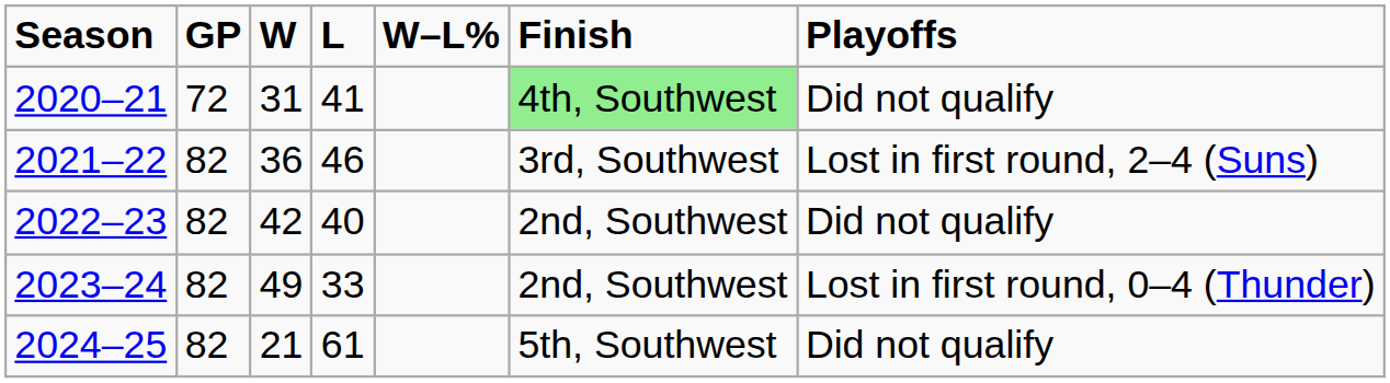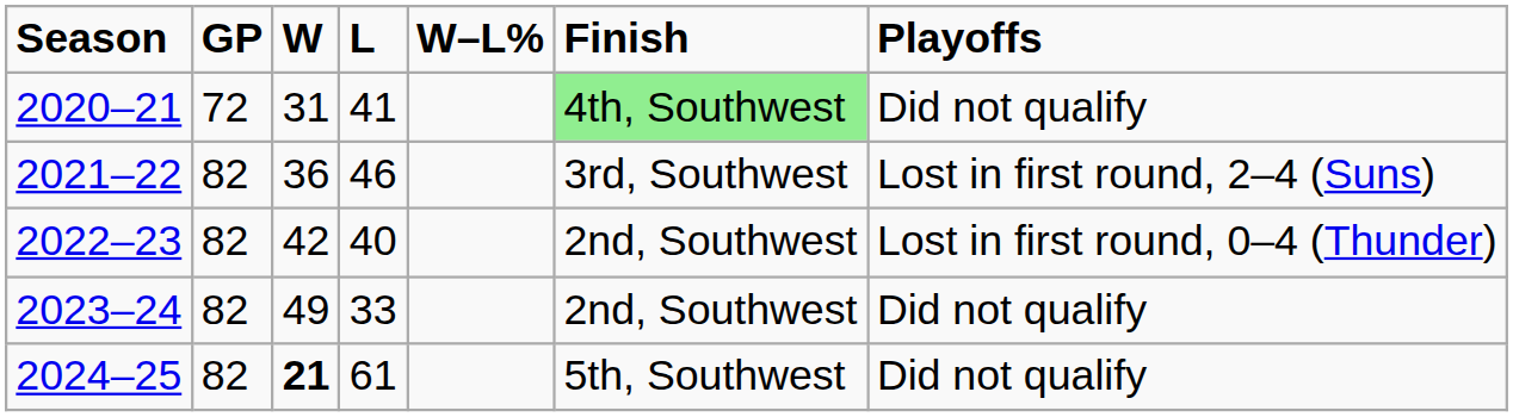 <table class="wikitable">
 <tr style="font-weight:bold; ">
 <td>Season</td>
 <td>GP</td>
 <td>W</td>
 <td>L</td>
 <td>W–L%</td>
 <td>Finish</td>
 <td>Playoffs</td>
 </tr>
 <tr>
 <td><a href='#'>2020–21</a></td>
 <td>72</td>
 <td>31</td>
 <td>41</td>
 <td></td>
 <td style="background: lightgreen;">4th, Southwest</td>
 <td>Did not qualify</td>
 </tr>
 <tr>
 <td><a href='#'>2021–22</a></td>
 <td>82</td>
 <td>36</td>
 <td>46</td>
 <td></td>
 <td>3rd, Southwest</td>
 <td>Lost in first round, 2–4 (<a href='#'>Suns</a>)</td>
 </tr>
 <tr>
 <td><a href='#'>2022–23</a></td>
 <td>82</td>
 <td>42</td>
 <td>40</td>
 <td></td>
 <td>2nd, Southwest</td>
-<td>Did not qualify</td>
+<td>Lost in first round, 0–4 (<a href='#'>Thunder</a>)</td>
 </tr>
 <tr>
 <td><a href='#'>2023–24</a></td>
 <td>82</td>
 <td>49</td>
 <td>33</td>
 <td></td>
 <td>2nd, Southwest</td>
-<td>Lost in first round, 0–4 (<a href='#'>Thunder</a>)</td>
+<td>Did not qualify</td>
 </tr>
 <tr>
 <td><a href='#'>2024–25</a></td>
 <td>82</td>
-<td>21</td>
+<td><strong>21</strong></td>
 <td>61</td>
 <td></td>
 <td>5th, Southwest</td>
 <td>Did not qualify</td>
 </tr>
 </table>
